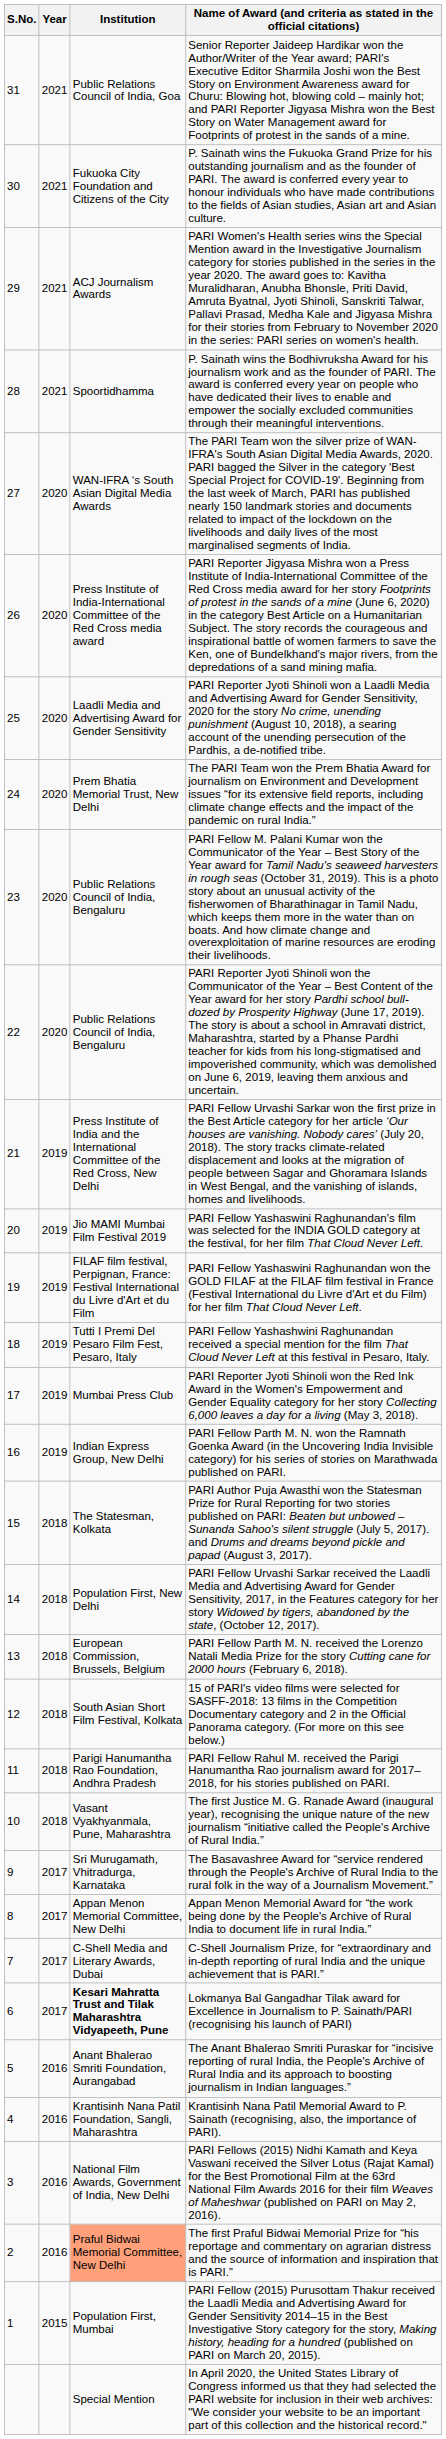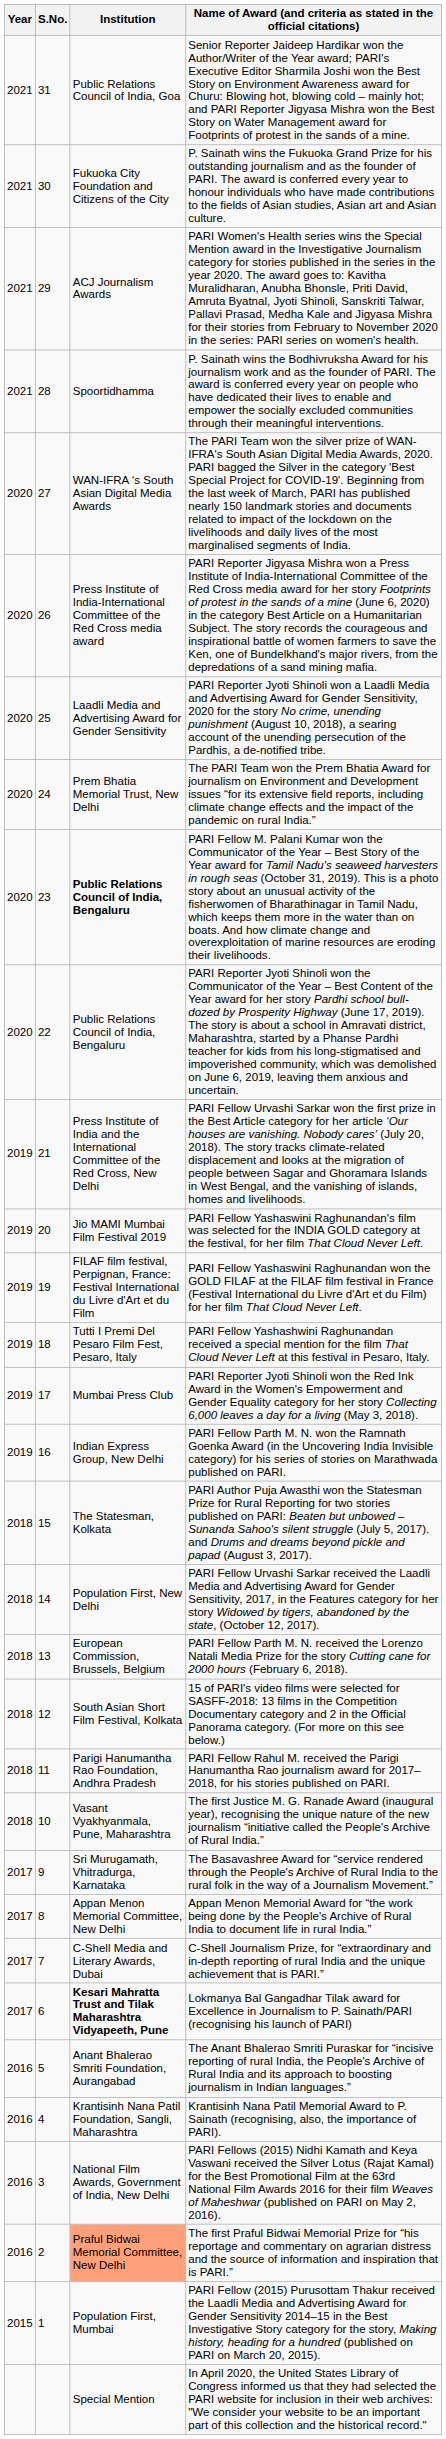 <table class="wikitable">
 <tr>
+<th>Year</th>
 <th>S.No.</th>
-<th>Year</th>
 <th>Institution</th>
 <th>Name of Award  (and criteria as stated in the official citations)</th>
 </tr>
 <tr>
+<td>2021</td>
 <td>31</td>
-<td>2021</td>
 <td>Public Relations Council of India, Goa</td>
 <td>Senior Reporter Jaideep Hardikar won the Author/Writer of the Year award; PARI's Executive Editor Sharmila Joshi won the Best Story on Environment Awareness award for Churu: Blowing hot, blowing cold – mainly hot; and PARI Reporter Jigyasa Mishra won the Best Story on Water Management award for Footprints of protest in the sands of a mine.</td>
 </tr>
 <tr>
+<td>2021</td>
 <td>30</td>
-<td>2021</td>
 <td>Fukuoka City Foundation and Citizens of the City</td>
 <td>P. Sainath wins the Fukuoka Grand Prize for his outstanding journalism and as the founder of PARI. The award is conferred every year to honour individuals who have made contributions to the fields of Asian studies, Asian art and Asian culture.</td>
 </tr>
 <tr>
+<td>2021</td>
 <td>29</td>
-<td>2021</td>
 <td>ACJ Journalism Awards</td>
 <td>PARI Women's Health series wins the Special Mention award in the Investigative Journalism category for stories published in the series in the year 2020. The award goes to: Kavitha Muralidharan, Anubha Bhonsle, Priti David, Amruta Byatnal, Jyoti Shinoli, Sanskriti Talwar, Pallavi Prasad, Medha Kale and Jigyasa Mishra for their stories from February to November 2020 in the series: PARI series on women's health.</td>
 </tr>
 <tr>
+<td>2021</td>
 <td>28</td>
-<td>2021</td>
 <td>Spoortidhamma</td>
 <td>P. Sainath wins the Bodhivruksha Award for his journalism work and as the founder of PARI. The award is conferred every year on people who have dedicated their lives to enable and empower the socially excluded communities through their meaningful interventions.</td>
 </tr>
 <tr>
+<td>2020</td>
 <td>27</td>
-<td>2020</td>
 <td>WAN-IFRA ‘s South Asian Digital Media Awards</td>
 <td>The PARI Team won the silver prize of WAN-IFRA's South Asian Digital Media Awards, 2020. PARI bagged the Silver in the category 'Best Special Project for COVID-19'. Beginning from the last week of March, PARI has published nearly 150 landmark stories and documents related to impact of the lockdown on the livelihoods and daily lives of the most marginalised segments of India.</td>
 </tr>
 <tr>
+<td>2020</td>
 <td>26</td>
-<td>2020</td>
 <td>Press Institute of India-International Committee of the Red Cross media award</td>
 <td>PARI Reporter Jigyasa Mishra won a Press Institute of India-International Committee of the Red Cross media award for her story <em>Footprints of protest in the sands of a mine</em> (June 6, 2020) in the category Best Article on a Humanitarian Subject. The story records the courageous and inspirational battle of women farmers to save the Ken, one of Bundelkhand's major rivers, from the depredations of a sand mining mafia.</td>
 </tr>
 <tr>
+<td>2020</td>
 <td>25</td>
-<td>2020</td>
 <td>Laadli Media and Advertising Award for Gender Sensitivity</td>
 <td>PARI Reporter Jyoti Shinoli won a Laadli Media and Advertising Award for Gender Sensitivity, 2020 for the story <em>No crime, unending punishment</em> (August 10, 2018), a searing account of the unending persecution of the Pardhis, a de-notified tribe.</td>
 </tr>
 <tr>
+<td>2020</td>
 <td>24</td>
-<td>2020</td>
 <td>Prem Bhatia Memorial Trust, New Delhi</td>
 <td>The PARI Team won the Prem Bhatia Award for journalism on Environment and Development issues “for its extensive field reports, including climate change effects and the impact of the pandemic on rural India.”</td>
 </tr>
 <tr>
+<td>2020</td>
 <td>23</td>
-<td>2020</td>
-<td>Public Relations Council of India, Bengaluru</td>
+<td><strong>Public Relations Council of India, Bengaluru</strong></td>
 <td>PARI Fellow M. Palani Kumar won the Communicator of the Year – Best Story of the Year award for <em>Tamil Nadu's seaweed harvesters in rough seas</em> (October 31, 2019). This is a photo story about an unusual activity of the fisherwomen of Bharathinagar in Tamil Nadu, which keeps them more in the water than on boats. And how climate change and overexploitation of marine resources are eroding their livelihoods.</td>
 </tr>
 <tr>
+<td>2020</td>
 <td>22</td>
-<td>2020</td>
 <td>Public Relations Council of India, Bengaluru</td>
 <td>PARI Reporter Jyoti Shinoli won the Communicator of the Year – Best Content of the Year award for her story <em>Pardhi school bull-dozed by Prosperity Highway</em> (June 17, 2019). The story is about a school in Amravati district, Maharashtra, started by a Phanse Pardhi teacher for kids from his long-stigmatised and impoverished community, which was demolished on June 6, 2019, leaving them anxious and uncertain.</td>
 </tr>
 <tr>
+<td>2019</td>
 <td>21</td>
-<td>2019</td>
 <td>Press Institute of India  and the International Committee of the Red Cross, New Delhi</td>
 <td>PARI Fellow Urvashi Sarkar won the first prize in the Best Article category for her article <em>‘Our houses are vanishing. Nobody cares’</em> (July 20, 2018). The story tracks climate-related displacement and looks at the migration of people between Sagar and Ghoramara Islands in West Bengal, and the vanishing of islands, homes and livelihoods.</td>
 </tr>
 <tr>
+<td>2019</td>
 <td>20</td>
-<td>2019</td>
 <td>Jio MAMI Mumbai Film Festival 2019</td>
 <td>PARI Fellow Yashaswini Raghunandan's film was selected for the INDIA GOLD category at the festival, for her film <em>That Cloud Never Left</em>.</td>
 </tr>
 <tr>
+<td>2019</td>
 <td>19</td>
-<td>2019</td>
 <td>FILAF film festival, Perpignan, France: Festival International du Livre d'Art et du Film</td>
 <td>PARI Fellow Yashaswini Raghunandan won the GOLD FILAF at the FILAF film festival in France (Festival International du Livre d'Art et du Film) for her film <em>That Cloud Never Left</em>.</td>
 </tr>
 <tr>
+<td>2019</td>
 <td>18</td>
-<td>2019</td>
 <td>Tutti I Premi Del Pesaro Film Fest, Pesaro, Italy</td>
 <td>PARI Fellow Yashashwini Raghunandan received a special mention  for the film <em>That Cloud Never Left</em> at this festival in Pesaro, Italy.</td>
 </tr>
 <tr>
+<td>2019</td>
 <td>17</td>
-<td>2019</td>
 <td>Mumbai Press Club</td>
 <td>PARI Reporter Jyoti Shinoli won the Red Ink Award in the Women's Empowerment and Gender Equality category for her story <em>Collecting 6,000 leaves a day for a living</em> (May 3, 2018).</td>
 </tr>
 <tr>
+<td>2019</td>
 <td>16</td>
-<td>2019</td>
 <td>Indian Express Group, New Delhi</td>
 <td>PARI Fellow Parth M. N. won the Ramnath Goenka Award (in the Uncovering India Invisible category) for his series of stories on Marathwada published on PARI.</td>
 </tr>
 <tr>
+<td>2018</td>
 <td>15</td>
-<td>2018</td>
 <td>The Statesman, Kolkata</td>
 <td>PARI Author Puja Awasthi won the Statesman Prize for Rural Reporting for two stories published on PARI: <em>Beaten but unbowed – Sunanda Sahoo's silent struggle</em> (July 5, 2017). and <em>Drums and dreams beyond pickle and papad</em> (August 3, 2017).</td>
 </tr>
 <tr>
+<td>2018</td>
 <td>14</td>
-<td>2018</td>
 <td>Population First, New Delhi</td>
 <td>PARI Fellow Urvashi Sarkar received the Laadli Media and Advertising Award for Gender Sensitivity, 2017, in the Features category for her story <em>Widowed by tigers, abandoned by the state</em>, (October 12, 2017).</td>
 </tr>
 <tr>
+<td>2018</td>
 <td>13</td>
-<td>2018</td>
 <td>European Commission, Brussels, Belgium</td>
 <td>PARI Fellow Parth M. N. received the Lorenzo Natali Media Prize for the story <em>Cutting cane for 2000 hours</em> (February 6, 2018).</td>
 </tr>
 <tr>
+<td>2018</td>
 <td>12</td>
-<td>2018</td>
 <td>South Asian Short Film Festival, Kolkata</td>
 <td>15 of PARI's video films were selected for SASFF-2018: 13 films in the Competition Documentary category and 2 in the Official Panorama category. (For more on this see below.)</td>
 </tr>
 <tr>
+<td>2018</td>
 <td>11</td>
-<td>2018</td>
 <td>Parigi Hanumantha Rao Foundation, Andhra Pradesh</td>
 <td>PARI Fellow Rahul M. received the Parigi Hanumantha Rao journalism award for 2017–2018, for his stories published on PARI.</td>
 </tr>
 <tr>
+<td>2018</td>
 <td>10</td>
-<td>2018</td>
 <td>Vasant Vyakhyanmala, Pune, Maharashtra</td>
 <td>The first Justice M. G. Ranade Award (inaugural year), recognising the unique nature of the new journalism “initiative called the People's Archive of Rural India.”</td>
 </tr>
 <tr>
+<td>2017</td>
 <td>9</td>
-<td>2017</td>
 <td>Sri Murugamath, Vhitradurga, Karnataka</td>
 <td>The Basavashree Award for “service rendered through the People's Archive of Rural India to the rural folk in the way of a Journalism Movement.”</td>
 </tr>
 <tr>
+<td>2017</td>
 <td>8</td>
-<td>2017</td>
 <td>Appan Menon Memorial Committee, New Delhi</td>
 <td>Appan Menon Memorial Award for “the work being done by the People's Archive of Rural India to document life in rural India.”</td>
 </tr>
 <tr>
+<td>2017</td>
 <td>7</td>
-<td>2017</td>
 <td>C-Shell Media and Literary Awards, Dubai</td>
 <td>C-Shell Journalism Prize, for “extraordinary and in-depth reporting of rural India and the unique achievement that is PARI.”</td>
 </tr>
 <tr>
+<td>2017</td>
 <td>6</td>
-<td>2017</td>
 <td><strong>Kesari Mahratta Trust and Tilak Maharashtra Vidyapeeth, Pune</strong></td>
 <td>Lokmanya Bal Gangadhar Tilak award for Excellence in Journalism to P. Sainath/PARI (recognising his launch of PARI)</td>
 </tr>
 <tr>
+<td>2016</td>
 <td>5</td>
-<td>2016</td>
 <td>Anant Bhalerao Smriti Foundation, Aurangabad</td>
 <td>The Anant Bhalerao Smriti Puraskar for “incisive reporting of rural India, the People's Archive of Rural India and its approach to boosting journalism in Indian languages.”</td>
 </tr>
 <tr>
+<td>2016</td>
 <td>4</td>
-<td>2016</td>
 <td>Krantisinh Nana Patil Foundation, Sangli,  Maharashtra</td>
 <td>Krantisinh Nana Patil Memorial Award to P. Sainath (recognising, also, the importance of PARI).</td>
 </tr>
 <tr>
+<td>2016</td>
 <td>3</td>
-<td>2016</td>
 <td>National Film Awards, Government of India, New Delhi</td>
 <td>PARI Fellows (2015) Nidhi Kamath and Keya Vaswani received the Silver Lotus (Rajat Kamal) for the Best Promotional Film at the 63rd National Film Awards 2016 for their film <em>Weaves of Maheshwar</em> (published on PARI on May 2, 2016).</td>
 </tr>
 <tr>
+<td>2016</td>
 <td>2</td>
-<td>2016</td>
 <td style="background: lightsalmon;">Praful Bidwai Memorial Committee, New Delhi</td>
 <td>The first Praful Bidwai Memorial Prize for “his reportage and commentary on agrarian distress and the source of information and inspiration that is PARI.”</td>
 </tr>
 <tr>
+<td>2015</td>
 <td>1</td>
-<td>2015</td>
 <td>Population First, Mumbai</td>
 <td>PARI Fellow (2015) Purusottam Thakur received the Laadli Media and Advertising Award for Gender Sensitivity 2014–15 in the Best Investigative Story category for the story, <em>Making history, heading for a hundred</em> (published on PARI on March 20, 2015).</td>
 </tr>
 <tr>
 <td></td>
 <td></td>
 <td>Special Mention</td>
 <td>In April 2020, the United States Library of Congress informed us that they had selected the PARI website for inclusion in their web archives: "We consider your website to be an important part of this collection and the historical record."</td>
 </tr>
 </table>
